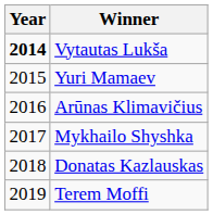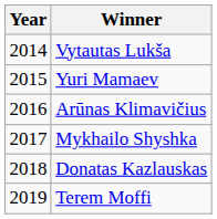 <table class="wikitable">
 <tr>
 <th>Year</th>
 <th>Winner</th>
 </tr>
 <tr>
-<td><strong>2014</strong></td>
+<td>2014</td>
 <td> <a href='#'>Vytautas Lukša</a></td>
 </tr>
 <tr>
 <td>2015</td>
 <td> <a href='#'>Yuri Mamaev</a></td>
 </tr>
 <tr>
 <td>2016</td>
 <td> <a href='#'>Arūnas Klimavičius</a></td>
 </tr>
 <tr>
 <td>2017</td>
 <td> <a href='#'>Mykhailo Shyshka</a></td>
 </tr>
 <tr>
 <td>2018</td>
 <td> <a href='#'>Donatas Kazlauskas</a></td>
 </tr>
 <tr>
 <td>2019</td>
 <td> <a href='#'>Terem Moffi</a></td>
 </tr>
 </table>
